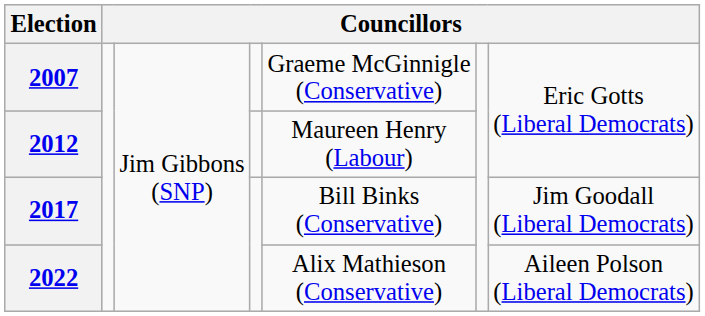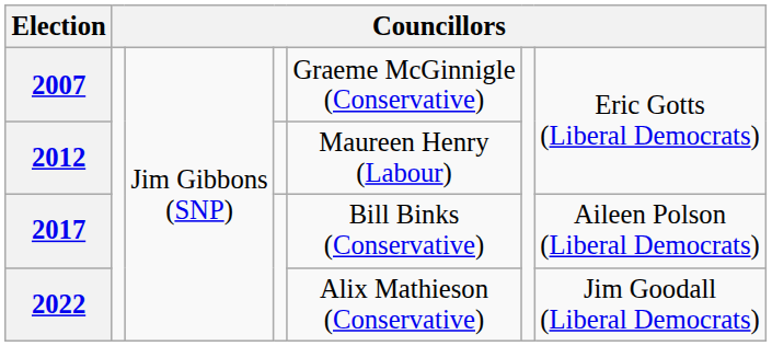 <table class="wikitable" style="text-align:center">
 <tr>
 <th>Election</th>
 <th colspan=6>Councillors</th>
 </tr>
 <tr>
 <th><a href='#'>2007</a></th>
 <td rowspan=4; style="background-color: "></td>
 <td rowspan=4>Jim Gibbons<br>(<a href='#'>SNP</a>)</td>
 <td rowspan=1; style="background-color: "></td>
 <td rowspan=1>Graeme McGinnigle<br>(<a href='#'>Conservative</a>)</td>
 <td rowspan=4; style="background-color: "></td>
 <td rowspan=2>Eric Gotts<br>(<a href='#'>Liberal Democrats</a>)</td>
 </tr>
 <tr>
 <th><a href='#'>2012</a></th>
 <td rowspan=1; style="background-color: "></td>
 <td rowspan=1>Maureen Henry<br>(<a href='#'>Labour</a>)</td>
 </tr>
 <tr>
 <th><a href='#'>2017</a></th>
 <td rowspan=2; style="background-color: "></td>
 <td rowspan=1>Bill Binks<br>(<a href='#'>Conservative</a>)</td>
-<td rowspan=1>Jim Goodall<br>(<a href='#'>Liberal Democrats</a>)</td>
+<td rowspan=1>Aileen Polson<br>(<a href='#'>Liberal Democrats</a>)</td>
 </tr>
 <tr>
 <th><a href='#'>2022</a></th>
 <td rowspan=1>Alix Mathieson<br>(<a href='#'>Conservative</a>)</td>
-<td rowspan=1>Aileen Polson<br>(<a href='#'>Liberal Democrats</a>)</td>
+<td rowspan=1>Jim Goodall<br>(<a href='#'>Liberal Democrats</a>)</td>
 </tr>
 </table>
